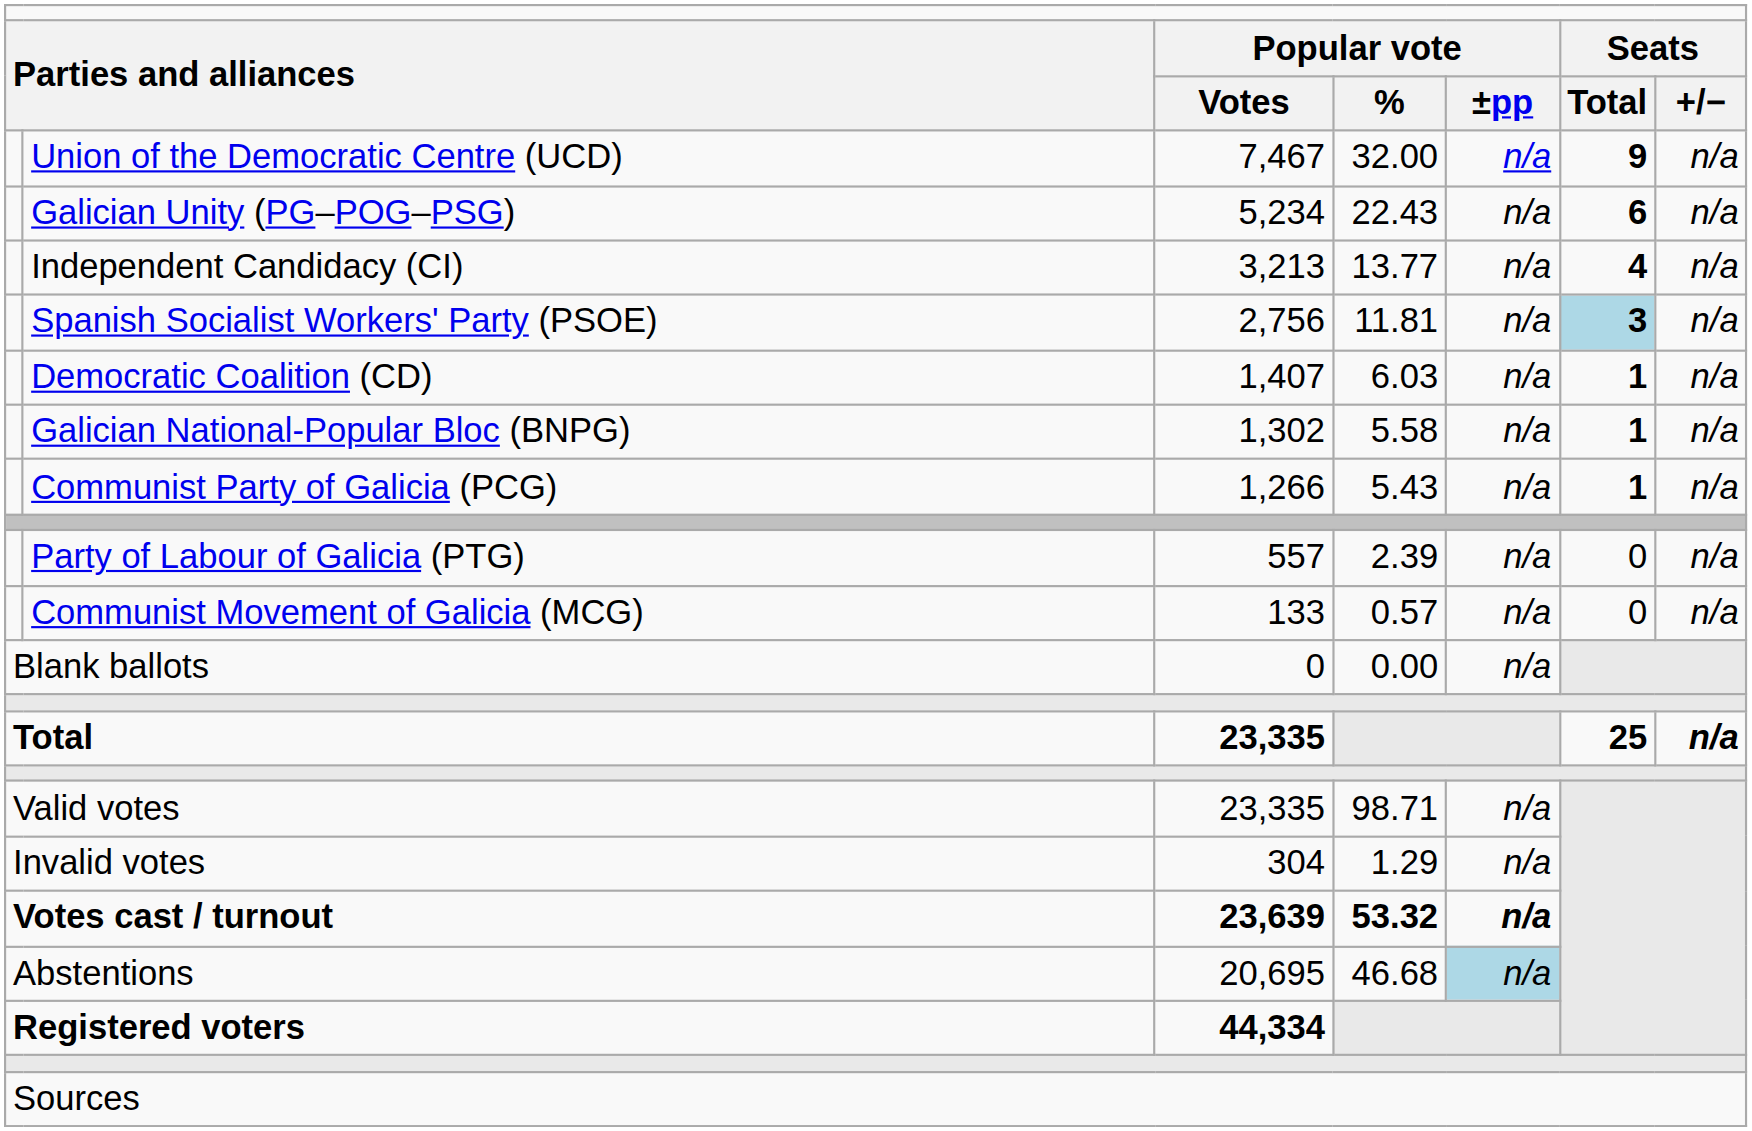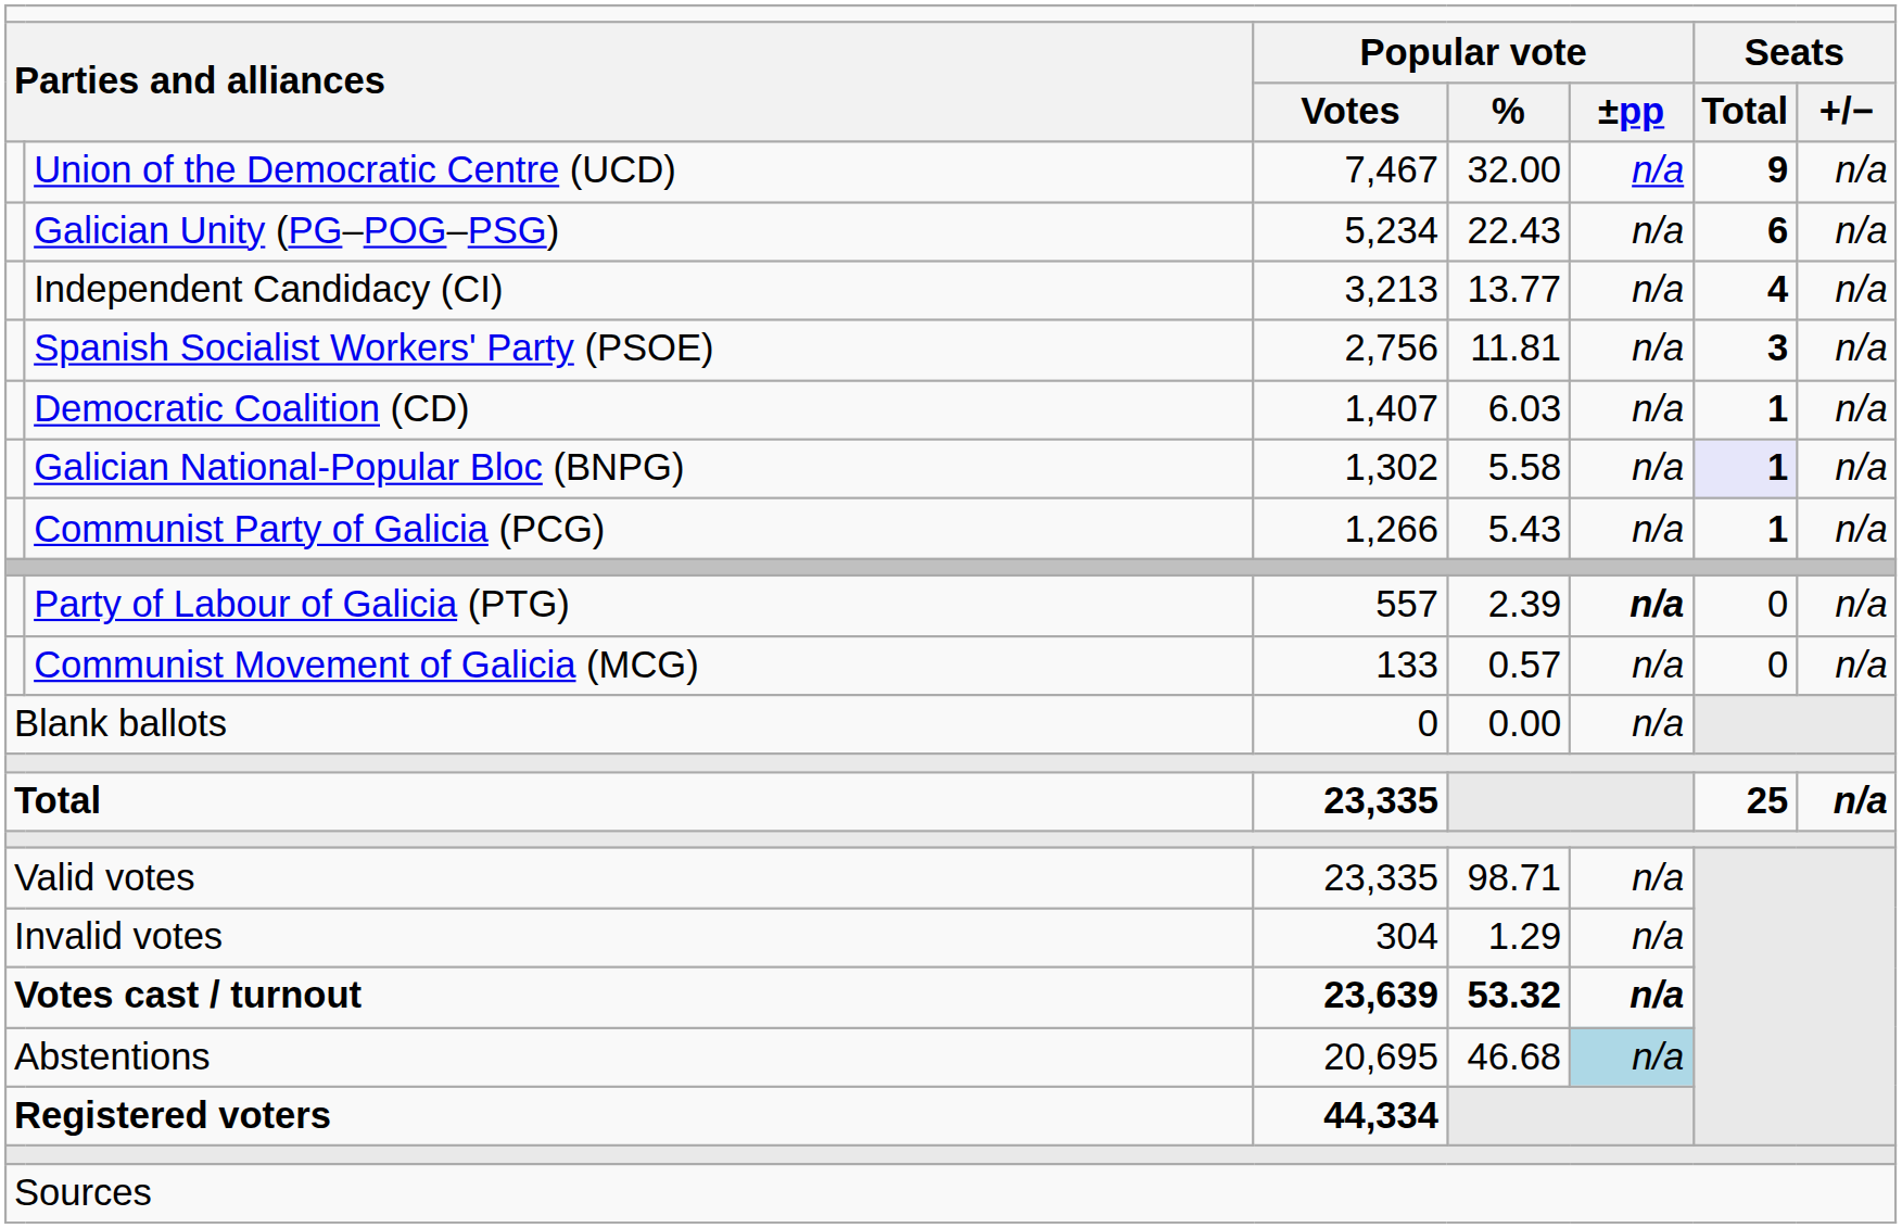 <table class="wikitable" style="text-align:right;">
 <tr>
 <td colspan="7"></td>
 </tr>
 <tr>
 <th style="text-align:left;" rowspan="2" colspan="2" width="525">Parties and alliances</th>
 <th colspan="3">Popular vote</th>
 <th colspan="2">Seats</th>
 </tr>
 <tr>
 <th width="75">Votes</th>
 <th width="45">%</th>
 <th width="45">±<a href='#'>pp</a></th>
 <th width="35">Total</th>
 <th width="35">+/−</th>
 </tr>
 <tr>
 <td width="1" style="color:inherit;background:"></td>
 <td align="left"><a href='#'>Union of the Democratic Centre</a> (UCD)</td>
 <td>7,467</td>
 <td>32.00</td>
 <td><em><a href='#'>n/a</a></em></td>
 <td><strong>9</strong></td>
 <td><em>n/a</em></td>
 </tr>
 <tr>
 <td style="color:inherit;background:"></td>
 <td align="left"><a href='#'>Galician Unity</a> (<a href='#'>PG</a>–<a href='#'>POG</a>–<a href='#'>PSG</a>)</td>
 <td>5,234</td>
 <td>22.43</td>
 <td><em>n/a</em></td>
 <td><strong>6</strong></td>
 <td><em>n/a</em></td>
 </tr>
 <tr>
 <td style="color:inherit;background:"></td>
 <td align="left">Independent Candidacy (CI)</td>
 <td>3,213</td>
 <td>13.77</td>
 <td><em>n/a</em></td>
 <td><strong>4</strong></td>
 <td><em>n/a</em></td>
 </tr>
 <tr>
 <td style="color:inherit;background:"></td>
 <td align="left"><a href='#'>Spanish Socialist Workers' Party</a> (PSOE)</td>
 <td>2,756</td>
 <td>11.81</td>
 <td><em>n/a</em></td>
-<td style="background: lightblue;"><strong>3</strong></td>
+<td><strong>3</strong></td>
 <td><em>n/a</em></td>
 </tr>
 <tr>
 <td style="color:inherit;background:"></td>
 <td align="left"><a href='#'>Democratic Coalition</a> (CD)</td>
 <td>1,407</td>
 <td>6.03</td>
 <td><em>n/a</em></td>
 <td><strong>1</strong></td>
 <td><em>n/a</em></td>
 </tr>
 <tr>
 <td style="color:inherit;background:"></td>
 <td align="left"><a href='#'>Galician National-Popular Bloc</a> (BNPG)</td>
 <td>1,302</td>
 <td>5.58</td>
 <td><em>n/a</em></td>
-<td><strong>1</strong></td>
+<td style="background: lavender;"><strong>1</strong></td>
 <td><em>n/a</em></td>
 </tr>
 <tr>
 <td style="color:inherit;background:"></td>
 <td align="left"><a href='#'>Communist Party of Galicia</a> (PCG)</td>
 <td>1,266</td>
 <td>5.43</td>
 <td><em>n/a</em></td>
 <td><strong>1</strong></td>
 <td><em>n/a</em></td>
 </tr>
 <tr>
 <td colspan="7" bgcolor="#C0C0C0"></td>
 </tr>
 <tr>
 <td style="color:inherit;background:"></td>
 <td align="left"><a href='#'>Party of Labour of Galicia</a> (PTG)</td>
 <td>557</td>
 <td>2.39</td>
-<td><em>n/a</em></td>
+<td><strong><em>n/a</em></strong></td>
 <td>0</td>
 <td><em>n/a</em></td>
 </tr>
 <tr>
 <td style="color:inherit;background:"></td>
 <td align="left"><a href='#'>Communist Movement of Galicia</a> (MCG)</td>
 <td>133</td>
 <td>0.57</td>
 <td><em>n/a</em></td>
 <td>0</td>
 <td><em>n/a</em></td>
 </tr>
 <tr>
 <td align="left" colspan="2">Blank ballots</td>
 <td>0</td>
 <td>0.00</td>
 <td><em>n/a</em></td>
 <td bgcolor="#E9E9E9" colspan="2"></td>
 </tr>
 <tr>
 <td colspan="7" bgcolor="#E9E9E9"></td>
 </tr>
 <tr style="font-weight:bold;">
 <td align="left" colspan="2">Total</td>
 <td>23,335</td>
 <td bgcolor="#E9E9E9" colspan="2"></td>
 <td>25</td>
 <td><em>n/a</em></td>
 </tr>
 <tr>
 <td colspan="7" bgcolor="#E9E9E9"></td>
 </tr>
 <tr>
 <td align="left" colspan="2">Valid votes</td>
 <td>23,335</td>
 <td>98.71</td>
 <td><em>n/a</em></td>
 <td bgcolor="#E9E9E9" colspan="2" rowspan="5"></td>
 </tr>
 <tr>
 <td align="left" colspan="2">Invalid votes</td>
 <td>304</td>
 <td>1.29</td>
 <td><em>n/a</em></td>
 </tr>
 <tr style="font-weight:bold;">
 <td align="left" colspan="2">Votes cast / turnout</td>
 <td>23,639</td>
 <td>53.32</td>
 <td><em>n/a</em></td>
 </tr>
 <tr>
 <td align="left" colspan="2">Abstentions</td>
 <td>20,695</td>
 <td>46.68</td>
 <td style="background: lightblue;"><em>n/a</em></td>
 </tr>
 <tr style="font-weight:bold;">
 <td align="left" colspan="2">Registered voters</td>
 <td>44,334</td>
 <td bgcolor="#E9E9E9" colspan="2"></td>
 </tr>
 <tr>
 <td colspan="7" bgcolor="#E9E9E9"></td>
 </tr>
 <tr>
 <td align="left" colspan="7">Sources</td>
 </tr>
 </table>
